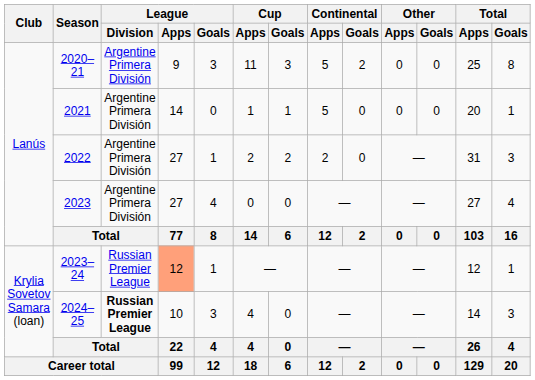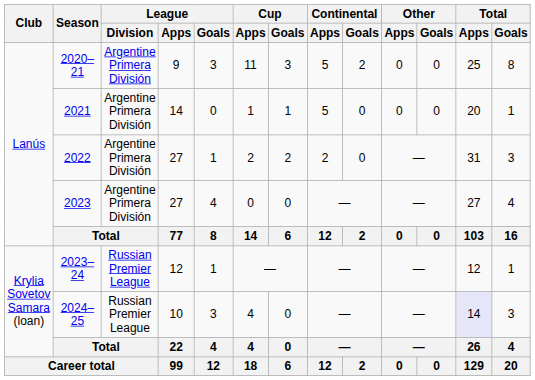 <table class="wikitable" style="text-align:center">
 <tr>
 <th rowspan="2">Club</th>
 <th rowspan="2">Season</th>
 <th colspan="3">League</th>
 <th colspan="2">Cup</th>
 <th colspan="2">Continental</th>
 <th colspan="2">Other</th>
 <th colspan="2">Total</th>
 </tr>
 <tr>
 <th>Division</th>
 <th>Apps</th>
 <th>Goals</th>
 <th>Apps</th>
 <th>Goals</th>
 <th>Apps</th>
 <th>Goals</th>
 <th>Apps</th>
 <th>Goals</th>
 <th>Apps</th>
 <th>Goals</th>
 </tr>
 <tr>
 <td rowspan="5"><a href='#'>Lanús</a></td>
 <td><a href='#'>2020–21</a></td>
 <td><a href='#'>Argentine Primera División</a></td>
 <td>9</td>
 <td>3</td>
 <td>11</td>
 <td>3</td>
 <td>5</td>
 <td>2</td>
 <td>0</td>
 <td>0</td>
 <td>25</td>
 <td>8</td>
 </tr>
 <tr>
 <td><a href='#'>2021</a></td>
 <td>Argentine Primera División</td>
 <td>14</td>
 <td>0</td>
 <td>1</td>
 <td>1</td>
 <td>5</td>
 <td>0</td>
 <td>0</td>
 <td>0</td>
 <td>20</td>
 <td>1</td>
 </tr>
 <tr>
 <td><a href='#'>2022</a></td>
 <td>Argentine Primera División</td>
 <td>27</td>
 <td>1</td>
 <td>2</td>
 <td>2</td>
 <td>2</td>
 <td>0</td>
 <td colspan="2">—</td>
 <td>31</td>
 <td>3</td>
 </tr>
 <tr>
 <td><a href='#'>2023</a></td>
 <td>Argentine Primera División</td>
 <td>27</td>
 <td>4</td>
 <td>0</td>
 <td>0</td>
 <td colspan="2">—</td>
 <td colspan="2">—</td>
 <td>27</td>
 <td>4</td>
 </tr>
 <tr>
 <th colspan="2">Total</th>
 <th>77</th>
 <th>8</th>
 <th>14</th>
 <th>6</th>
 <th>12</th>
 <th>2</th>
 <th>0</th>
 <th>0</th>
 <th>103</th>
 <th>16</th>
 </tr>
 <tr>
 <td rowspan="3"><a href='#'>Krylia Sovetov Samara</a> (loan)</td>
 <td><a href='#'>2023–24</a></td>
 <td><a href='#'>Russian Premier League</a></td>
-<td style="background: lightsalmon;">12</td>
+<td>12</td>
 <td>1</td>
 <td colspan="2">—</td>
 <td colspan="2">—</td>
 <td colspan="2">—</td>
 <td>12</td>
 <td>1</td>
 </tr>
 <tr>
 <td><a href='#'>2024–25</a></td>
-<td><strong>Russian Premier League</strong></td>
+<td>Russian Premier League</td>
 <td>10</td>
 <td>3</td>
 <td>4</td>
 <td>0</td>
 <td colspan="2">—</td>
 <td colspan="2">—</td>
-<td>14</td>
+<td style="background: lavender;">14</td>
 <td>3</td>
 </tr>
 <tr>
 <th colspan="2">Total</th>
 <th>22</th>
 <th>4</th>
 <th>4</th>
 <th>0</th>
 <th colspan="2">—</th>
 <th colspan="2">—</th>
 <th>26</th>
 <th>4</th>
 </tr>
 <tr>
 <th colspan="3">Career total</th>
 <th>99</th>
 <th>12</th>
 <th>18</th>
 <th>6</th>
 <th>12</th>
 <th>2</th>
 <th>0</th>
 <th>0</th>
 <th>129</th>
 <th>20</th>
 </tr>
 </table>
